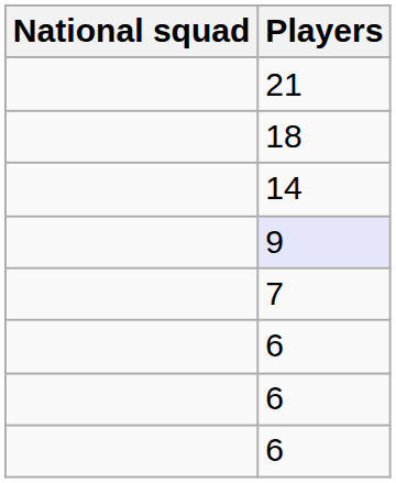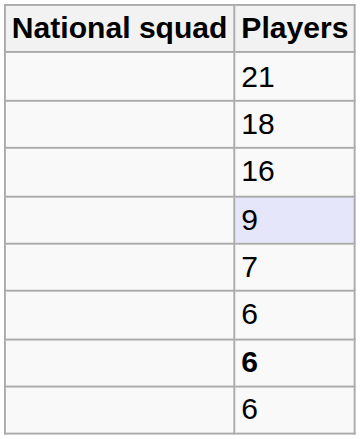 <table class="wikitable sortable">
 <tr>
 <th>National squad</th>
 <th>Players</th>
 </tr>
 <tr>
 <td></td>
 <td>21</td>
 </tr>
 <tr>
 <td></td>
 <td>18</td>
 </tr>
 <tr>
 <td></td>
-<td>14</td>
+<td>16</td>
 </tr>
 <tr>
 <td></td>
 <td style="background: lavender;">9</td>
 </tr>
 <tr>
 <td></td>
 <td>7</td>
 </tr>
 <tr>
 <td></td>
 <td>6</td>
 </tr>
 <tr>
 <td></td>
-<td>6</td>
+<td><strong>6</strong></td>
 </tr>
 <tr>
 <td></td>
 <td>6</td>
 </tr>
 </table>
